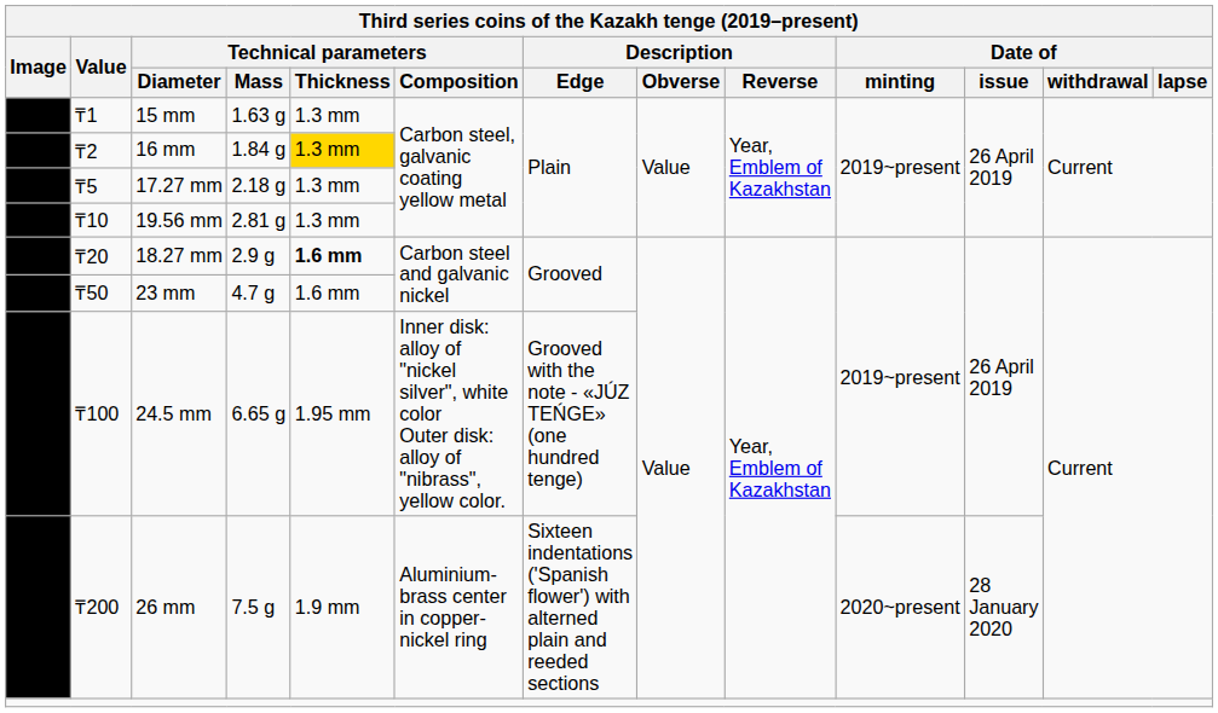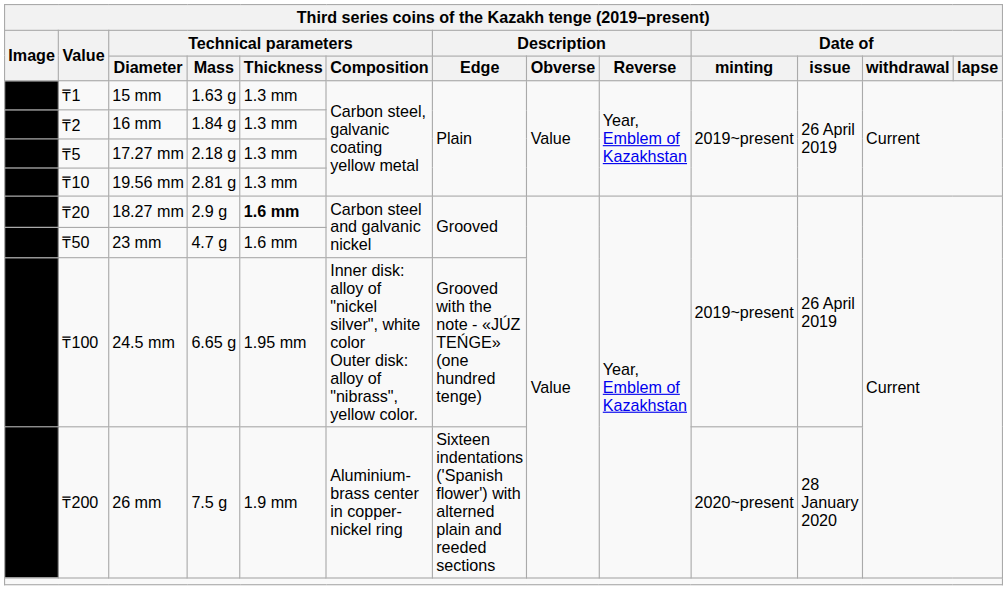 <table class="wikitable collapsible autocollapse" style="font-size: 90%">
 <tr>
 <th colspan="13">Third series coins of the Kazakh tenge (2019–present)</th>
 </tr>
 <tr>
 <th rowspan="2">Image</th>
 <th rowspan="2">Value</th>
 <th colspan="4">Technical parameters</th>
 <th colspan="3">Description</th>
 <th colspan="4">Date of</th>
 </tr>
 <tr>
 <th>Diameter</th>
 <th>Mass</th>
 <th>Thickness</th>
 <th>Composition</th>
 <th>Edge</th>
 <th>Obverse</th>
 <th>Reverse</th>
 <th>minting</th>
 <th>issue</th>
 <th>withdrawal</th>
 <th>lapse</th>
 </tr>
 <tr>
 <td align="center" bgcolor="#000000"></td>
 <td>₸1</td>
 <td>15 mm</td>
 <td>1.63 g</td>
 <td>1.3 mm</td>
 <td rowspan="4">Carbon steel, galvanic coating yellow metal</td>
 <td rowspan="4">Plain</td>
 <td rowspan="4">Value</td>
 <td rowspan="4">Year, <a href='#'>Emblem of Kazakhstan</a></td>
 <td rowspan="4">2019~present</td>
 <td rowspan="4">26 April 2019</td>
 <td rowspan="4" colspan="2">Current</td>
 </tr>
 <tr>
 <td align="center" bgcolor="#000000"></td>
 <td>₸2</td>
 <td>16 mm</td>
 <td>1.84 g</td>
-<td style="background: gold;">1.3 mm</td>
+<td>1.3 mm</td>
 </tr>
 <tr>
 <td align="center" bgcolor="#000000"></td>
 <td>₸5</td>
 <td>17.27 mm</td>
 <td>2.18 g</td>
 <td>1.3 mm</td>
 </tr>
 <tr>
 <td align="center" bgcolor="#000000"></td>
 <td>₸10</td>
 <td>19.56 mm</td>
 <td>2.81 g</td>
 <td>1.3 mm</td>
 </tr>
 <tr>
 <td align="center" bgcolor="#000000"></td>
 <td>₸20</td>
 <td>18.27 mm</td>
 <td>2.9 g</td>
 <td><strong>1.6 mm</strong></td>
 <td rowspan="2">Carbon steel and galvanic nickel</td>
 <td rowspan="2">Grooved</td>
 <td rowspan="4">Value</td>
 <td rowspan="4">Year, <a href='#'>Emblem of Kazakhstan</a></td>
 <td rowspan="3">2019~present</td>
 <td rowspan="3">26 April 2019</td>
 <td rowspan="4" colspan="2">Current</td>
 </tr>
 <tr>
 <td align="center" bgcolor="#000000"></td>
 <td>₸50</td>
 <td>23 mm</td>
 <td>4.7 g</td>
 <td>1.6 mm</td>
 </tr>
 <tr>
 <td align="center" bgcolor="#000000"></td>
 <td>₸100</td>
 <td>24.5 mm</td>
 <td>6.65 g</td>
 <td>1.95 mm</td>
 <td>Inner disk: alloy of "nickel silver", white color<br>Outer disk: alloy of "nibrass", yellow color.</td>
 <td>Grooved with the note - «JÚZ TEŃGE» (one hundred tenge)</td>
 </tr>
 <tr>
 <td align="center" bgcolor="#000000"></td>
 <td>₸200</td>
 <td>26 mm</td>
 <td>7.5 g</td>
 <td>1.9 mm</td>
 <td>Aluminium-brass center in copper-nickel ring</td>
 <td>Sixteen indentations ('Spanish flower') with alterned plain and reeded sections</td>
 <td>2020~present</td>
 <td>28 January 2020</td>
 </tr>
 <tr>
 <td colspan="16"></td>
 </tr>
 </table>
